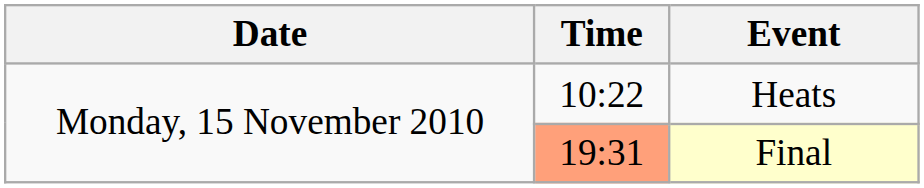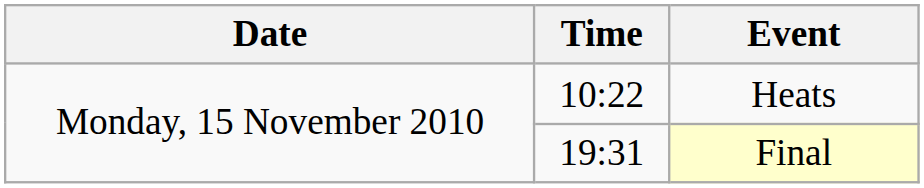 <table class = "wikitable" style="text-align:center;">
 <tr>
 <th width=220>Date</th>
 <th width=50>Time</th>
 <th width=100>Event</th>
 </tr>
 <tr>
 <td rowspan=2>Monday, 15 November 2010</td>
 <td>10:22</td>
 <td>Heats</td>
 </tr>
 <tr>
-<td style="background: lightsalmon;">19:31</td>
+<td>19:31</td>
 <td bgcolor=ffffcc>Final</td>
 </tr>
 </table>
